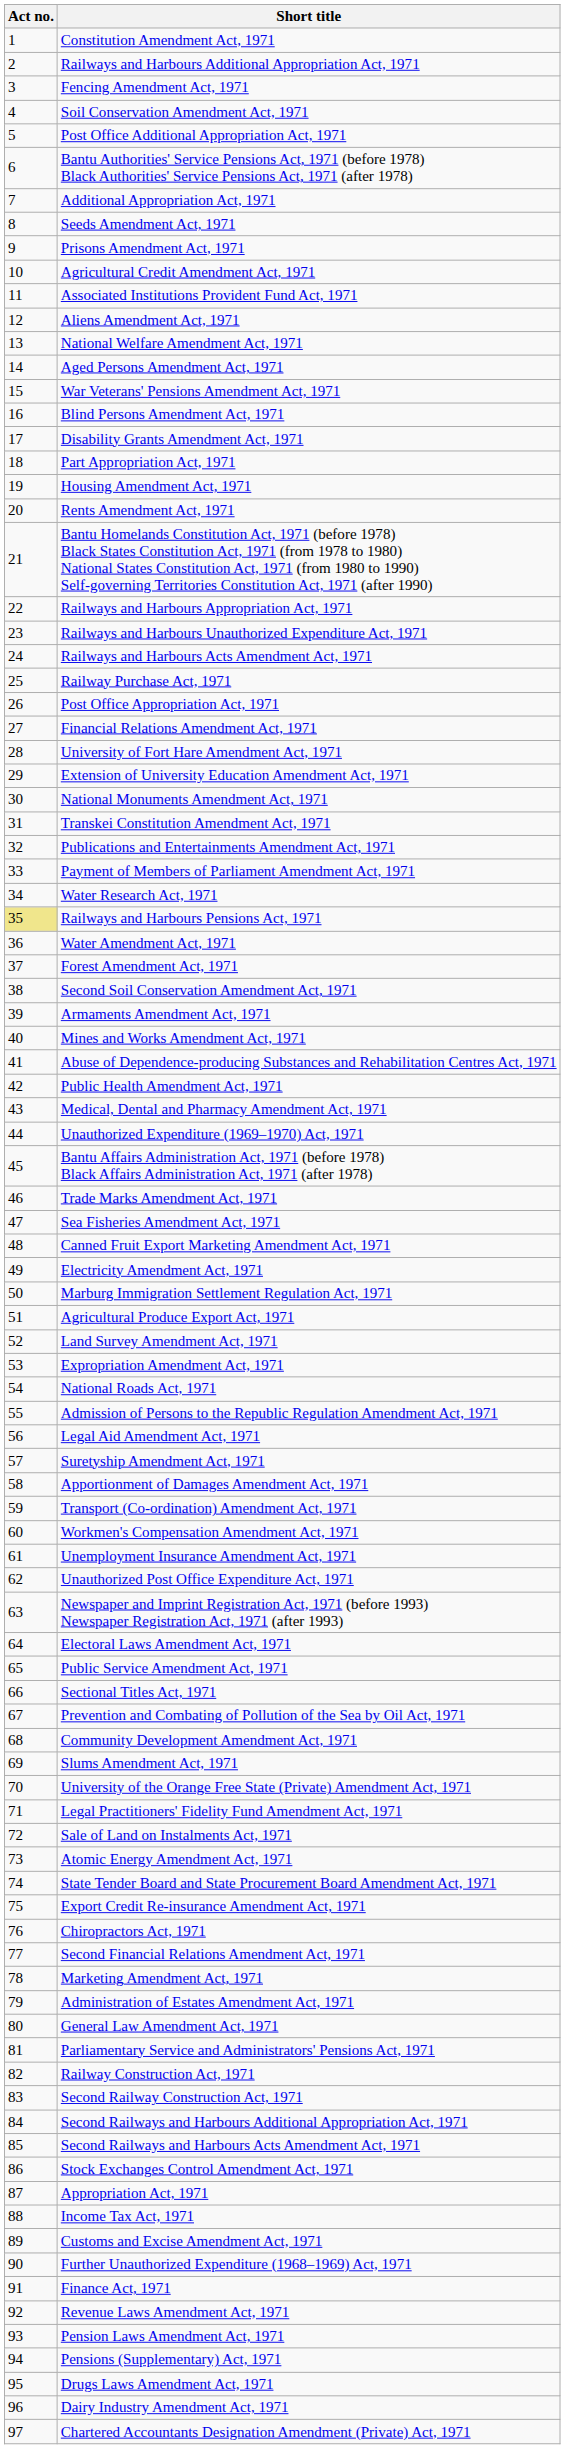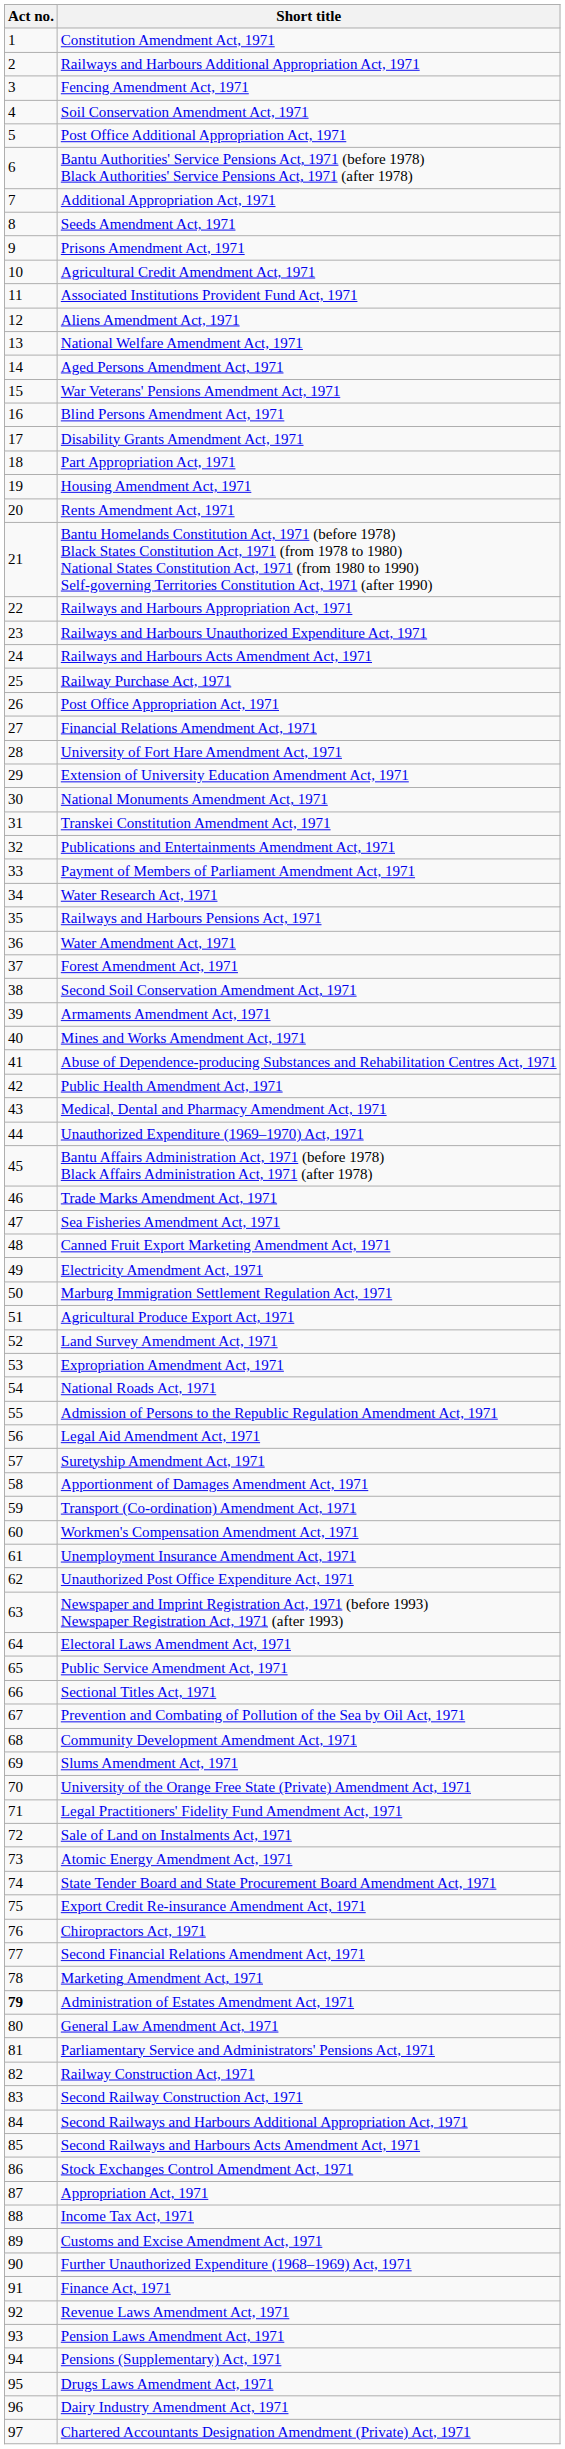 <table class="wikitable sortable">
 <tr>
 <th>Act no.</th>
 <th>Short title</th>
 </tr>
 <tr>
 <td>1</td>
 <td><a href='#'>Constitution Amendment Act, 1971</a></td>
 </tr>
 <tr>
 <td>2</td>
 <td><a href='#'>Railways and Harbours Additional Appropriation Act, 1971</a></td>
 </tr>
 <tr>
 <td>3</td>
 <td><a href='#'>Fencing Amendment Act, 1971</a></td>
 </tr>
 <tr>
 <td>4</td>
 <td><a href='#'>Soil Conservation Amendment Act, 1971</a></td>
 </tr>
 <tr>
 <td>5</td>
 <td><a href='#'>Post Office Additional Appropriation Act, 1971</a></td>
 </tr>
 <tr>
 <td>6</td>
 <td><a href='#'>Bantu Authorities' Service Pensions Act, 1971</a> (before 1978) <br><a href='#'>Black Authorities' Service Pensions Act, 1971</a> (after 1978)</td>
 </tr>
 <tr>
 <td>7</td>
 <td><a href='#'>Additional Appropriation Act, 1971</a></td>
 </tr>
 <tr>
 <td>8</td>
 <td><a href='#'>Seeds Amendment Act, 1971</a></td>
 </tr>
 <tr>
 <td>9</td>
 <td><a href='#'>Prisons Amendment Act, 1971</a></td>
 </tr>
 <tr>
 <td>10</td>
 <td><a href='#'>Agricultural Credit Amendment Act, 1971</a></td>
 </tr>
 <tr>
 <td>11</td>
 <td><a href='#'>Associated Institutions Provident Fund Act, 1971</a></td>
 </tr>
 <tr>
 <td>12</td>
 <td><a href='#'>Aliens Amendment Act, 1971</a></td>
 </tr>
 <tr>
 <td>13</td>
 <td><a href='#'>National Welfare Amendment Act, 1971</a></td>
 </tr>
 <tr>
 <td>14</td>
 <td><a href='#'>Aged Persons Amendment Act, 1971</a></td>
 </tr>
 <tr>
 <td>15</td>
 <td><a href='#'>War Veterans' Pensions Amendment Act, 1971</a></td>
 </tr>
 <tr>
 <td>16</td>
 <td><a href='#'>Blind Persons Amendment Act, 1971</a></td>
 </tr>
 <tr>
 <td>17</td>
 <td><a href='#'>Disability Grants Amendment Act, 1971</a></td>
 </tr>
 <tr>
 <td>18</td>
 <td><a href='#'>Part Appropriation Act, 1971</a></td>
 </tr>
 <tr>
 <td>19</td>
 <td><a href='#'>Housing Amendment Act, 1971</a></td>
 </tr>
 <tr>
 <td>20</td>
 <td><a href='#'>Rents Amendment Act, 1971</a></td>
 </tr>
 <tr>
 <td>21</td>
 <td><a href='#'>Bantu Homelands Constitution Act, 1971</a> (before 1978) <br><a href='#'>Black States Constitution Act, 1971</a> (from 1978 to 1980) <br><a href='#'>National States Constitution Act, 1971</a> (from 1980 to 1990) <br><a href='#'>Self-governing Territories Constitution Act, 1971</a> (after 1990)</td>
 </tr>
 <tr>
 <td>22</td>
 <td><a href='#'>Railways and Harbours Appropriation Act, 1971</a></td>
 </tr>
 <tr>
 <td>23</td>
 <td><a href='#'>Railways and Harbours Unauthorized Expenditure Act, 1971</a></td>
 </tr>
 <tr>
 <td>24</td>
 <td><a href='#'>Railways and Harbours Acts Amendment Act, 1971</a></td>
 </tr>
 <tr>
 <td>25</td>
 <td><a href='#'>Railway Purchase Act, 1971</a></td>
 </tr>
 <tr>
 <td>26</td>
 <td><a href='#'>Post Office Appropriation Act, 1971</a></td>
 </tr>
 <tr>
 <td>27</td>
 <td><a href='#'>Financial Relations Amendment Act, 1971</a></td>
 </tr>
 <tr>
 <td>28</td>
 <td><a href='#'>University of Fort Hare Amendment Act, 1971</a></td>
 </tr>
 <tr>
 <td>29</td>
 <td><a href='#'>Extension of University Education Amendment Act, 1971</a></td>
 </tr>
 <tr>
 <td>30</td>
 <td><a href='#'>National Monuments Amendment Act, 1971</a></td>
 </tr>
 <tr>
 <td>31</td>
 <td><a href='#'>Transkei Constitution Amendment Act, 1971</a></td>
 </tr>
 <tr>
 <td>32</td>
 <td><a href='#'>Publications and Entertainments Amendment Act, 1971</a></td>
 </tr>
 <tr>
 <td>33</td>
 <td><a href='#'>Payment of Members of Parliament Amendment Act, 1971</a></td>
 </tr>
 <tr>
 <td>34</td>
 <td><a href='#'>Water Research Act, 1971</a></td>
 </tr>
 <tr>
-<td style="background: khaki;">35</td>
+<td>35</td>
 <td><a href='#'>Railways and Harbours Pensions Act, 1971</a></td>
 </tr>
 <tr>
 <td>36</td>
 <td><a href='#'>Water Amendment Act, 1971</a></td>
 </tr>
 <tr>
 <td>37</td>
 <td><a href='#'>Forest Amendment Act, 1971</a></td>
 </tr>
 <tr>
 <td>38</td>
 <td><a href='#'>Second Soil Conservation Amendment Act, 1971</a></td>
 </tr>
 <tr>
 <td>39</td>
 <td><a href='#'>Armaments Amendment Act, 1971</a></td>
 </tr>
 <tr>
 <td>40</td>
 <td><a href='#'>Mines and Works Amendment Act, 1971</a></td>
 </tr>
 <tr>
 <td>41</td>
 <td><a href='#'>Abuse of Dependence-producing Substances and Rehabilitation Centres Act, 1971</a></td>
 </tr>
 <tr>
 <td>42</td>
 <td><a href='#'>Public Health Amendment Act, 1971</a></td>
 </tr>
 <tr>
 <td>43</td>
 <td><a href='#'>Medical, Dental and Pharmacy Amendment Act, 1971</a></td>
 </tr>
 <tr>
 <td>44</td>
 <td><a href='#'>Unauthorized Expenditure (1969–1970) Act, 1971</a></td>
 </tr>
 <tr>
 <td>45</td>
 <td><a href='#'>Bantu Affairs Administration Act, 1971</a> (before 1978) <br><a href='#'>Black Affairs Administration Act, 1971</a> (after 1978)</td>
 </tr>
 <tr>
 <td>46</td>
 <td><a href='#'>Trade Marks Amendment Act, 1971</a></td>
 </tr>
 <tr>
 <td>47</td>
 <td><a href='#'>Sea Fisheries Amendment Act, 1971</a></td>
 </tr>
 <tr>
 <td>48</td>
 <td><a href='#'>Canned Fruit Export Marketing Amendment Act, 1971</a></td>
 </tr>
 <tr>
 <td>49</td>
 <td><a href='#'>Electricity Amendment Act, 1971</a></td>
 </tr>
 <tr>
 <td>50</td>
 <td><a href='#'>Marburg Immigration Settlement Regulation Act, 1971</a></td>
 </tr>
 <tr>
 <td>51</td>
 <td><a href='#'>Agricultural Produce Export Act, 1971</a></td>
 </tr>
 <tr>
 <td>52</td>
 <td><a href='#'>Land Survey Amendment Act, 1971</a></td>
 </tr>
 <tr>
 <td>53</td>
 <td><a href='#'>Expropriation Amendment Act, 1971</a></td>
 </tr>
 <tr>
 <td>54</td>
 <td><a href='#'>National Roads Act, 1971</a></td>
 </tr>
 <tr>
 <td>55</td>
 <td><a href='#'>Admission of Persons to the Republic Regulation Amendment Act, 1971</a></td>
 </tr>
 <tr>
 <td>56</td>
 <td><a href='#'>Legal Aid Amendment Act, 1971</a></td>
 </tr>
 <tr>
 <td>57</td>
 <td><a href='#'>Suretyship Amendment Act, 1971</a></td>
 </tr>
 <tr>
 <td>58</td>
 <td><a href='#'>Apportionment of Damages Amendment Act, 1971</a></td>
 </tr>
 <tr>
 <td>59</td>
 <td><a href='#'>Transport (Co-ordination) Amendment Act, 1971</a></td>
 </tr>
 <tr>
 <td>60</td>
 <td><a href='#'>Workmen's Compensation Amendment Act, 1971</a></td>
 </tr>
 <tr>
 <td>61</td>
 <td><a href='#'>Unemployment Insurance Amendment Act, 1971</a></td>
 </tr>
 <tr>
 <td>62</td>
 <td><a href='#'>Unauthorized Post Office Expenditure Act, 1971</a></td>
 </tr>
 <tr>
 <td>63</td>
 <td><a href='#'>Newspaper and Imprint Registration Act, 1971</a> (before 1993) <br><a href='#'>Newspaper Registration Act, 1971</a> (after 1993)</td>
 </tr>
 <tr>
 <td>64</td>
 <td><a href='#'>Electoral Laws Amendment Act, 1971</a></td>
 </tr>
 <tr>
 <td>65</td>
 <td><a href='#'>Public Service Amendment Act, 1971</a></td>
 </tr>
 <tr>
 <td>66</td>
 <td><a href='#'>Sectional Titles Act, 1971</a></td>
 </tr>
 <tr>
 <td>67</td>
 <td><a href='#'>Prevention and Combating of Pollution of the Sea by Oil Act, 1971</a></td>
 </tr>
 <tr>
 <td>68</td>
 <td><a href='#'>Community Development Amendment Act, 1971</a></td>
 </tr>
 <tr>
 <td>69</td>
 <td><a href='#'>Slums Amendment Act, 1971</a></td>
 </tr>
 <tr>
 <td>70</td>
 <td><a href='#'>University of the Orange Free State (Private) Amendment Act, 1971</a></td>
 </tr>
 <tr>
 <td>71</td>
 <td><a href='#'>Legal Practitioners' Fidelity Fund Amendment Act, 1971</a></td>
 </tr>
 <tr>
 <td>72</td>
 <td><a href='#'>Sale of Land on Instalments Act, 1971</a></td>
 </tr>
 <tr>
 <td>73</td>
 <td><a href='#'>Atomic Energy Amendment Act, 1971</a></td>
 </tr>
 <tr>
 <td>74</td>
 <td><a href='#'>State Tender Board and State Procurement Board Amendment Act, 1971</a></td>
 </tr>
 <tr>
 <td>75</td>
 <td><a href='#'>Export Credit Re-insurance Amendment Act, 1971</a></td>
 </tr>
 <tr>
 <td>76</td>
 <td><a href='#'>Chiropractors Act, 1971</a></td>
 </tr>
 <tr>
 <td>77</td>
 <td><a href='#'>Second Financial Relations Amendment Act, 1971</a></td>
 </tr>
 <tr>
 <td>78</td>
 <td><a href='#'>Marketing Amendment Act, 1971</a></td>
 </tr>
 <tr>
-<td>79</td>
+<td><strong>79</strong></td>
 <td><a href='#'>Administration of Estates Amendment Act, 1971</a></td>
 </tr>
 <tr>
 <td>80</td>
 <td><a href='#'>General Law Amendment Act, 1971</a></td>
 </tr>
 <tr>
 <td>81</td>
 <td><a href='#'>Parliamentary Service and Administrators' Pensions Act, 1971</a></td>
 </tr>
 <tr>
 <td>82</td>
 <td><a href='#'>Railway Construction Act, 1971</a></td>
 </tr>
 <tr>
 <td>83</td>
 <td><a href='#'>Second Railway Construction Act, 1971</a></td>
 </tr>
 <tr>
 <td>84</td>
 <td><a href='#'>Second Railways and Harbours Additional Appropriation Act, 1971</a></td>
 </tr>
 <tr>
 <td>85</td>
 <td><a href='#'>Second Railways and Harbours Acts Amendment Act, 1971</a></td>
 </tr>
 <tr>
 <td>86</td>
 <td><a href='#'>Stock Exchanges Control Amendment Act, 1971</a></td>
 </tr>
 <tr>
 <td>87</td>
 <td><a href='#'>Appropriation Act, 1971</a></td>
 </tr>
 <tr>
 <td>88</td>
 <td><a href='#'>Income Tax Act, 1971</a></td>
 </tr>
 <tr>
 <td>89</td>
 <td><a href='#'>Customs and Excise Amendment Act, 1971</a></td>
 </tr>
 <tr>
 <td>90</td>
 <td><a href='#'>Further Unauthorized Expenditure (1968–1969) Act, 1971</a></td>
 </tr>
 <tr>
 <td>91</td>
 <td><a href='#'>Finance Act, 1971</a></td>
 </tr>
 <tr>
 <td>92</td>
 <td><a href='#'>Revenue Laws Amendment Act, 1971</a></td>
 </tr>
 <tr>
 <td>93</td>
 <td><a href='#'>Pension Laws Amendment Act, 1971</a></td>
 </tr>
 <tr>
 <td>94</td>
 <td><a href='#'>Pensions (Supplementary) Act, 1971</a></td>
 </tr>
 <tr>
 <td>95</td>
 <td><a href='#'>Drugs Laws Amendment Act, 1971</a></td>
 </tr>
 <tr>
 <td>96</td>
 <td><a href='#'>Dairy Industry Amendment Act, 1971</a></td>
 </tr>
 <tr>
 <td>97</td>
 <td><a href='#'>Chartered Accountants Designation Amendment (Private) Act, 1971</a></td>
 </tr>
 </table>
